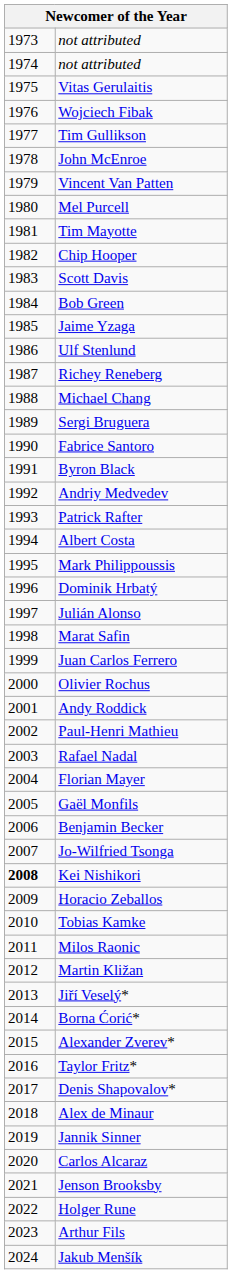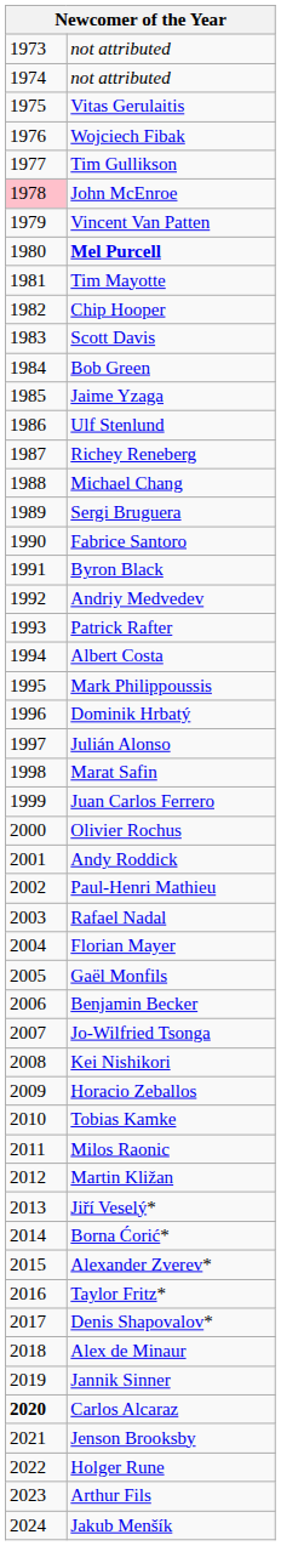 <table class="wikitable sortable" style="display:inline-table;">
 <tr>
 <th colspan="2" width="230">Newcomer of the Year</th>
 </tr>
 <tr>
 <td>1973</td>
 <td><em>not attributed</em></td>
 </tr>
 <tr>
 <td>1974</td>
 <td><em>not attributed</em></td>
 </tr>
 <tr>
 <td>1975</td>
 <td> <a href='#'>Vitas Gerulaitis</a></td>
 </tr>
 <tr>
 <td>1976</td>
 <td> <a href='#'>Wojciech Fibak</a></td>
 </tr>
 <tr>
 <td>1977</td>
 <td> <a href='#'>Tim Gullikson</a></td>
 </tr>
 <tr>
-<td>1978</td>
+<td style="background: pink;">1978</td>
 <td> <a href='#'>John McEnroe</a></td>
 </tr>
 <tr>
 <td>1979</td>
 <td> <a href='#'>Vincent Van Patten</a></td>
 </tr>
 <tr>
 <td>1980</td>
-<td> <a href='#'>Mel Purcell</a></td>
+<td><strong> <a href='#'>Mel Purcell</a></strong></td>
 </tr>
 <tr>
 <td>1981</td>
 <td> <a href='#'>Tim Mayotte</a></td>
 </tr>
 <tr>
 <td>1982</td>
 <td> <a href='#'>Chip Hooper</a></td>
 </tr>
 <tr>
 <td>1983</td>
 <td> <a href='#'>Scott Davis</a></td>
 </tr>
 <tr>
 <td>1984</td>
 <td> <a href='#'>Bob Green</a></td>
 </tr>
 <tr>
 <td>1985</td>
 <td> <a href='#'>Jaime Yzaga</a></td>
 </tr>
 <tr>
 <td>1986</td>
 <td> <a href='#'>Ulf Stenlund</a></td>
 </tr>
 <tr>
 <td>1987</td>
 <td> <a href='#'>Richey Reneberg</a></td>
 </tr>
 <tr>
 <td>1988</td>
 <td> <a href='#'>Michael Chang</a></td>
 </tr>
 <tr>
 <td>1989</td>
 <td> <a href='#'>Sergi Bruguera</a></td>
 </tr>
 <tr>
 <td>1990</td>
 <td> <a href='#'>Fabrice Santoro</a></td>
 </tr>
 <tr>
 <td>1991</td>
 <td> <a href='#'>Byron Black</a></td>
 </tr>
 <tr>
 <td>1992</td>
 <td> <a href='#'>Andriy Medvedev</a></td>
 </tr>
 <tr>
 <td>1993</td>
 <td> <a href='#'>Patrick Rafter</a></td>
 </tr>
 <tr>
 <td>1994</td>
 <td> <a href='#'>Albert Costa</a></td>
 </tr>
 <tr>
 <td>1995</td>
 <td> <a href='#'>Mark Philippoussis</a></td>
 </tr>
 <tr>
 <td>1996</td>
 <td> <a href='#'>Dominik Hrbatý</a></td>
 </tr>
 <tr>
 <td>1997</td>
 <td> <a href='#'>Julián Alonso</a></td>
 </tr>
 <tr>
 <td>1998</td>
 <td> <a href='#'>Marat Safin</a></td>
 </tr>
 <tr>
 <td>1999</td>
 <td> <a href='#'>Juan Carlos Ferrero</a></td>
 </tr>
 <tr>
 <td>2000</td>
 <td> <a href='#'>Olivier Rochus</a></td>
 </tr>
 <tr>
 <td>2001</td>
 <td> <a href='#'>Andy Roddick</a></td>
 </tr>
 <tr>
 <td>2002</td>
 <td> <a href='#'>Paul-Henri Mathieu</a></td>
 </tr>
 <tr>
 <td>2003</td>
 <td> <a href='#'>Rafael Nadal</a></td>
 </tr>
 <tr>
 <td>2004</td>
 <td> <a href='#'>Florian Mayer</a></td>
 </tr>
 <tr>
 <td>2005</td>
 <td> <a href='#'>Gaël Monfils</a></td>
 </tr>
 <tr>
 <td>2006</td>
 <td> <a href='#'>Benjamin Becker</a></td>
 </tr>
 <tr>
 <td>2007</td>
 <td> <a href='#'>Jo-Wilfried Tsonga</a></td>
 </tr>
 <tr>
-<td><strong>2008</strong></td>
+<td>2008</td>
 <td> <a href='#'>Kei Nishikori</a></td>
 </tr>
 <tr>
 <td>2009</td>
 <td> <a href='#'>Horacio Zeballos</a></td>
 </tr>
 <tr>
 <td>2010</td>
 <td> <a href='#'>Tobias Kamke</a></td>
 </tr>
 <tr>
 <td>2011</td>
 <td> <a href='#'>Milos Raonic</a></td>
 </tr>
 <tr>
 <td>2012</td>
 <td> <a href='#'>Martin Kližan</a></td>
 </tr>
 <tr>
 <td>2013</td>
 <td> <a href='#'>Jiří Veselý</a>*</td>
 </tr>
 <tr>
 <td>2014</td>
 <td> <a href='#'>Borna Ćorić</a>*</td>
 </tr>
 <tr>
 <td>2015</td>
 <td> <a href='#'>Alexander Zverev</a>*</td>
 </tr>
 <tr>
 <td>2016</td>
 <td> <a href='#'>Taylor Fritz</a>*</td>
 </tr>
 <tr>
 <td>2017</td>
 <td> <a href='#'>Denis Shapovalov</a>*</td>
 </tr>
 <tr>
 <td>2018</td>
 <td> <a href='#'>Alex de Minaur</a></td>
 </tr>
 <tr>
 <td>2019</td>
 <td> <a href='#'>Jannik Sinner</a></td>
 </tr>
 <tr>
-<td>2020</td>
+<td><strong>2020</strong></td>
 <td> <a href='#'>Carlos Alcaraz</a></td>
 </tr>
 <tr>
 <td>2021</td>
 <td> <a href='#'>Jenson Brooksby</a></td>
 </tr>
 <tr>
 <td>2022</td>
 <td> <a href='#'>Holger Rune</a></td>
 </tr>
 <tr>
 <td>2023</td>
 <td> <a href='#'>Arthur Fils</a></td>
 </tr>
 <tr>
 <td>2024</td>
 <td> <a href='#'>Jakub Menšík</a></td>
 </tr>
 </table>
